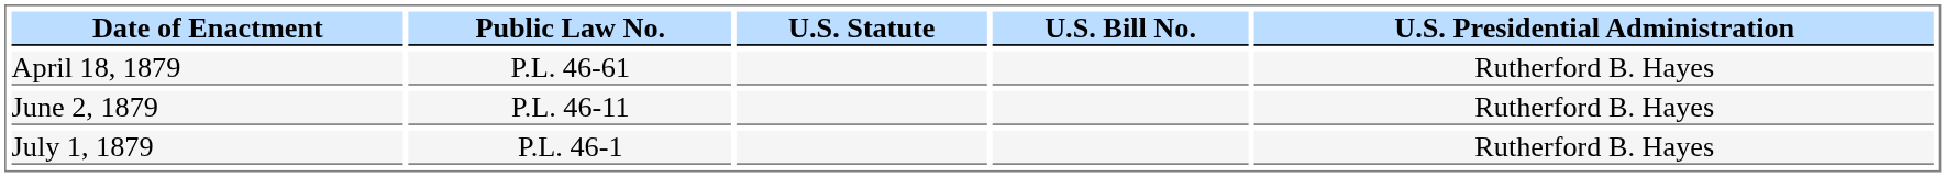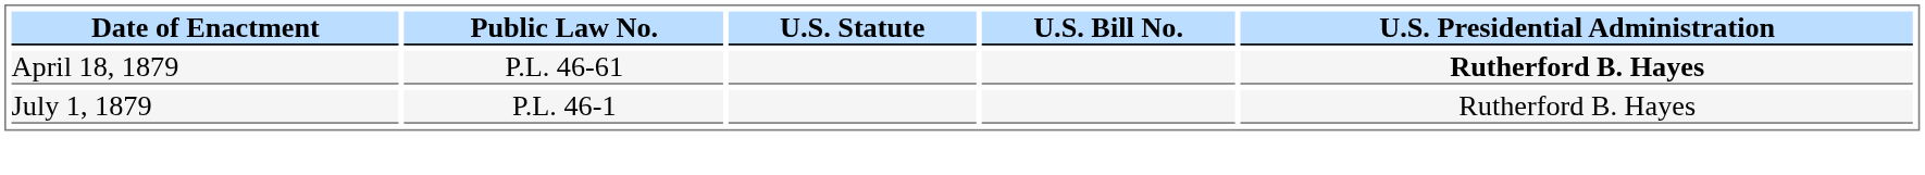 <table style="border:1px solid gray; align:left; width:85%" cellspacing=3 cellpadding=0>
 <tr style="font-weight:bold; text-align:center; background:#bbddff; color:black;">
 <th style=" border-bottom:1.5px solid black">Date of Enactment</th>
 <th style=" border-bottom:1.5px solid black">Public Law No.</th>
 <th style=" border-bottom:1.5px solid black">U.S. Statute</th>
 <th style=" border-bottom:1.5px solid black">U.S. Bill No.</th>
 <th style=" border-bottom:1.5px solid black">U.S. Presidential Administration</th>
 </tr>
 <tr>
 <td style="border-bottom:1px solid gray; background:#F5F5F5;">April 18, 1879</td>
 <td style="border-bottom:1px solid gray; background:#F5F5F5; text-align:center;">P.L. 46-61</td>
 <td style="border-bottom:1px solid gray; background:#F5F5F5; text-align:center;"></td>
 <td style="border-bottom:1px solid gray; background:#F5F5F5; text-align:center;"></td>
-<td style="border-bottom:1px solid gray; background:#F5F5F5; text-align:center;">Rutherford B. Hayes</td>
-</tr>
-<tr>
-<td style="border-bottom:1px solid gray; background:#F5F5F5;">June 2, 1879</td>
-<td style="border-bottom:1px solid gray; background:#F5F5F5; text-align:center;">P.L. 46-11</td>
-<td style="border-bottom:1px solid gray; background:#F5F5F5; text-align:center;"></td>
-<td style="border-bottom:1px solid gray; background:#F5F5F5; text-align:center;"></td>
-<td style="border-bottom:1px solid gray; background:#F5F5F5; text-align:center;">Rutherford B. Hayes</td>
+<td style="border-bottom:1px solid gray; background:#F5F5F5; text-align:center;"><strong>Rutherford B. Hayes</strong></td>
 </tr>
 <tr>
 <td style="border-bottom:1px solid gray; background:#F5F5F5;">July 1, 1879</td>
 <td style="border-bottom:1px solid gray; background:#F5F5F5; text-align:center;">P.L. 46-1</td>
 <td style="border-bottom:1px solid gray; background:#F5F5F5; text-align:center;"></td>
 <td style="border-bottom:1px solid gray; background:#F5F5F5; text-align:center;"></td>
 <td style="border-bottom:1px solid gray; background:#F5F5F5; text-align:center;">Rutherford B. Hayes</td>
 </tr>
 </table>
